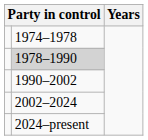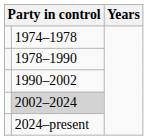 <table class="wikitable">
 <tr>
 <th colspan="2">Party in control</th>
 <th>Years</th>
 </tr>
 <tr>
 <td></td>
 <td>1974–1978</td>
 </tr>
 <tr>
 <td></td>
-<td style="background: lightgrey;">1978–1990</td>
+<td>1978–1990</td>
 </tr>
 <tr>
 <td></td>
 <td>1990–2002</td>
 </tr>
 <tr>
 <td></td>
-<td>2002–2024</td>
+<td style="background: lightgrey;">2002–2024</td>
 </tr>
 <tr>
 <td></td>
 <td>2024–present</td>
 </tr>
 </table>
